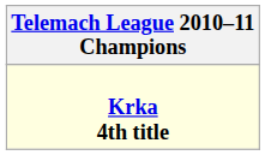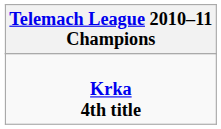 <table class="wikitable" style="text-align: center; margin: 0 auto;">
 <tr>
 <th><a href='#'>Telemach League</a> 2010–11<br>Champions</th>
 </tr>
 <tr>
 </tr>
 <tr>
-<td style="background: lightyellow;"> <br><strong><a href='#'>Krka</a></strong><br><strong>4th title</strong></td>
+<td> <br><strong><a href='#'>Krka</a></strong><br><strong>4th title</strong></td>
 </tr>
 </table>
